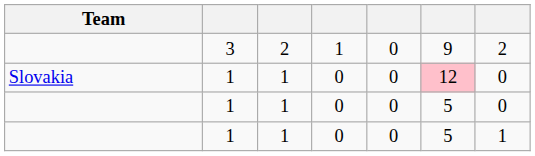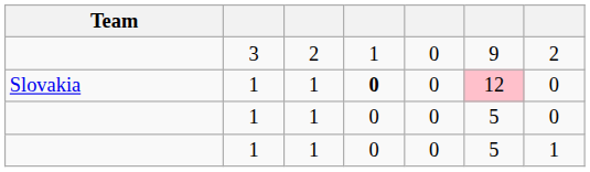 <table class="wikitable" style="text-align:center;">
 <tr>
 <th width=165>Team</th>
 <th width=40></th>
 <th width=40></th>
 <th width=40></th>
 <th width=40></th>
 <th width=40></th>
 <th width=40></th>
 </tr>
 <tr>
 <td align=left></td>
 <td>3</td>
 <td>2</td>
 <td>1</td>
 <td>0</td>
 <td>9</td>
 <td>2</td>
 </tr>
 <tr>
 <td align=left> <a href='#'>Slovakia</a></td>
 <td>1</td>
 <td>1</td>
-<td>0</td>
+<td><strong>0</strong></td>
 <td>0</td>
 <td style="background: pink;">12</td>
 <td>0</td>
 </tr>
 <tr>
 <td align=left></td>
 <td>1</td>
 <td>1</td>
 <td>0</td>
 <td>0</td>
 <td>5</td>
 <td>0</td>
 </tr>
 <tr>
 <td align=left></td>
 <td>1</td>
 <td>1</td>
 <td>0</td>
 <td>0</td>
 <td>5</td>
 <td>1</td>
 </tr>
 </table>
